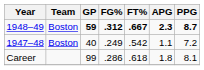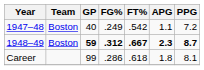 <table class="wikitable sortable" style="font-size:95%; text-align:right;">
 <tr>
 <th>Year</th>
 <th>Team</th>
 <th>GP</th>
 <th>FG%</th>
 <th>FT%</th>
 <th>APG</th>
 <th>PPG</th>
 </tr>
 <tr>
+<td style="text-align:left;"><a href='#'>1947–48</a></td>
+<td style="text-align:left;"><a href='#'>Boston</a></td>
+<td>40</td>
+<td>.249</td>
+<td>.542</td>
+<td>1.1</td>
+<td>7.2</td>
+</tr>
+<tr>
 <td style="text-align:left;"><a href='#'>1948–49</a></td>
 <td style="text-align:left;"><a href='#'>Boston</a></td>
 <td><strong>59</strong></td>
 <td><strong>.312</strong></td>
 <td><strong>.667</strong></td>
 <td><strong>2.3</strong></td>
 <td><strong>8.7</strong></td>
-</tr>
-<tr>
-<td style="text-align:left;"><a href='#'>1947–48</a></td>
-<td style="text-align:left;"><a href='#'>Boston</a></td>
-<td>40</td>
-<td>.249</td>
-<td>.542</td>
-<td>1.1</td>
-<td>7.2</td>
 </tr>
 <tr>
 <td style="text-align:left;">Career</td>
 <td></td>
 <td>99</td>
 <td>.286</td>
 <td>.618</td>
 <td>1.8</td>
 <td>8.1</td>
 </tr>
 <tr>
 </tr>
 </table>
